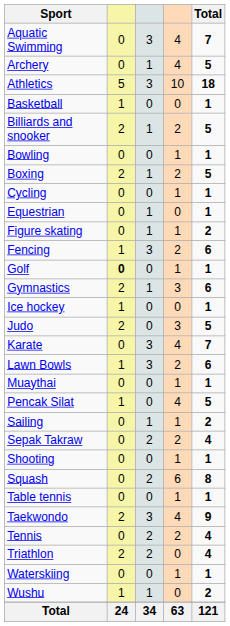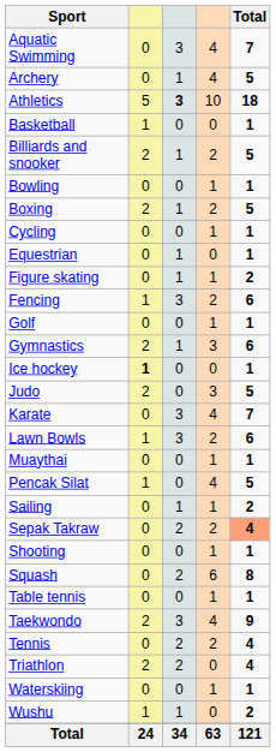 <table class="wikitable" style="font-size:100%; text-align:center;">
 <tr>
 <th width=130>Sport</th>
 <th scope="col" width=30 style="background:#F7F6A8;"></th>
 <th scope="col" width=30 style="background:#DCE5E5;"></th>
 <th scope="col" width=30 style="background:#FFDAB9;"></th>
 <th width=30>Total</th>
 </tr>
 <tr>
 <td align="left"><a href='#'>Aquatic Swimming</a></td>
 <td style="background:#F7F6A8;">0</td>
 <td style="background:#DCE5E5;">3</td>
 <td style="background:#FFDAB9;">4</td>
 <td><strong>7</strong></td>
 </tr>
 <tr>
 <td align="left"><a href='#'>Archery</a></td>
 <td style="background:#F7F6A8;">0</td>
 <td style="background:#DCE5E5;">1</td>
 <td style="background:#FFDAB9;">4</td>
 <td><strong>5</strong></td>
 </tr>
 <tr>
 <td align=left><a href='#'>Athletics</a></td>
 <td style="background:#F7F6A8;">5</td>
-<td style="background:#DCE5E5;">3</td>
+<td style="background:#DCE5E5;"><strong>3</strong></td>
 <td style="background:#FFDAB9;">10</td>
 <td><strong>18</strong></td>
 </tr>
 <tr>
 <td align=left><a href='#'>Basketball</a></td>
 <td style="background:#F7F6A8;">1</td>
 <td style="background:#DCE5E5;">0</td>
 <td style="background:#FFDAB9;">0</td>
 <td><strong>1</strong></td>
 </tr>
 <tr>
 <td align=left><a href='#'>Billiards and snooker</a></td>
 <td style="background:#F7F6A8;">2</td>
 <td style="background:#DCE5E5;">1</td>
 <td style="background:#FFDAB9;">2</td>
 <td><strong>5</strong></td>
 </tr>
 <tr>
 <td align=left><a href='#'>Bowling</a></td>
 <td style="background:#F7F6A8;">0</td>
 <td style="background:#DCE5E5;">0</td>
 <td style="background:#FFDAB9;">1</td>
 <td><strong>1</strong></td>
 </tr>
 <tr>
 <td align=left><a href='#'>Boxing</a></td>
 <td style="background:#F7F6A8;">2</td>
 <td style="background:#DCE5E5;">1</td>
 <td style="background:#FFDAB9;">2</td>
 <td><strong>5</strong></td>
 </tr>
 <tr>
 <td align=left><a href='#'>Cycling</a></td>
 <td style="background:#F7F6A8;">0</td>
 <td style="background:#DCE5E5;">0</td>
 <td style="background:#FFDAB9;">1</td>
 <td><strong>1</strong></td>
 </tr>
 <tr>
 <td align=left><a href='#'>Equestrian</a></td>
 <td style="background:#F7F6A8;">0</td>
 <td style="background:#DCE5E5;">1</td>
 <td style="background:#FFDAB9;">0</td>
 <td><strong>1</strong></td>
 </tr>
 <tr>
 <td align=left><a href='#'>Figure skating</a></td>
 <td style="background:#F7F6A8;">0</td>
 <td style="background:#DCE5E5;">1</td>
 <td style="background:#FFDAB9;">1</td>
 <td><strong>2</strong></td>
 </tr>
 <tr>
 <td align=left><a href='#'>Fencing</a></td>
 <td style="background:#F7F6A8;">1</td>
 <td style="background:#DCE5E5;">3</td>
 <td style="background:#FFDAB9;">2</td>
 <td><strong>6</strong></td>
 </tr>
 <tr>
 <td align=left><a href='#'>Golf</a></td>
-<td style="background:#F7F6A8;"><strong>0</strong></td>
+<td style="background:#F7F6A8;">0</td>
 <td style="background:#DCE5E5;">0</td>
 <td style="background:#FFDAB9;">1</td>
 <td><strong>1</strong></td>
 </tr>
 <tr>
 <td align=left><a href='#'>Gymnastics</a></td>
 <td style="background:#F7F6A8;">2</td>
 <td style="background:#DCE5E5;">1</td>
 <td style="background:#FFDAB9;">3</td>
 <td><strong>6</strong></td>
 </tr>
 <tr>
 <td align=left><a href='#'>Ice hockey</a></td>
-<td style="background:#F7F6A8;">1</td>
+<td style="background:#F7F6A8;"><strong>1</strong></td>
 <td style="background:#DCE5E5;">0</td>
 <td style="background:#FFDAB9;">0</td>
 <td><strong>1</strong></td>
 </tr>
 <tr>
 <td align=left><a href='#'>Judo</a></td>
 <td style="background:#F7F6A8;">2</td>
 <td style="background:#DCE5E5;">0</td>
 <td style="background:#FFDAB9;">3</td>
 <td><strong>5</strong></td>
 </tr>
 <tr>
 <td align=left><a href='#'>Karate</a></td>
 <td style="background:#F7F6A8;">0</td>
 <td style="background:#DCE5E5;">3</td>
 <td style="background:#FFDAB9;">4</td>
 <td><strong>7</strong></td>
 </tr>
 <tr>
 <td align=left><a href='#'>Lawn Bowls</a></td>
 <td style="background:#F7F6A8;">1</td>
 <td style="background:#DCE5E5;">3</td>
 <td style="background:#FFDAB9;">2</td>
 <td><strong>6</strong></td>
 </tr>
 <tr>
 <td align=left><a href='#'>Muaythai</a></td>
 <td style="background:#F7F6A8;">0</td>
 <td style="background:#DCE5E5;">0</td>
 <td style="background:#FFDAB9;">1</td>
 <td><strong>1</strong></td>
 </tr>
 <tr>
 <td align=left><a href='#'>Pencak Silat</a></td>
 <td style="background:#F7F6A8;">1</td>
 <td style="background:#DCE5E5;">0</td>
 <td style="background:#FFDAB9;">4</td>
 <td><strong>5</strong></td>
 </tr>
 <tr>
 <td align=left><a href='#'>Sailing</a></td>
 <td style="background:#F7F6A8;">0</td>
 <td style="background:#DCE5E5;">1</td>
 <td style="background:#FFDAB9;">1</td>
 <td><strong>2</strong></td>
 </tr>
 <tr>
 <td align=left><a href='#'>Sepak Takraw</a></td>
 <td style="background:#F7F6A8;">0</td>
 <td style="background:#DCE5E5;">2</td>
 <td style="background:#FFDAB9;">2</td>
-<td><strong>4</strong></td>
+<td style="background: lightsalmon;"><strong>4</strong></td>
 </tr>
 <tr>
 <td align=left><a href='#'>Shooting</a></td>
 <td style="background:#F7F6A8;">0</td>
 <td style="background:#DCE5E5;">0</td>
 <td style="background:#FFDAB9;">1</td>
 <td><strong>1</strong></td>
 </tr>
 <tr>
 <td align=left><a href='#'>Squash</a></td>
 <td style="background:#F7F6A8;">0</td>
 <td style="background:#DCE5E5;">2</td>
 <td style="background:#FFDAB9;">6</td>
 <td><strong>8</strong></td>
 </tr>
 <tr>
 <td align=left><a href='#'>Table tennis</a></td>
 <td style="background:#F7F6A8;">0</td>
 <td style="background:#DCE5E5;">0</td>
 <td style="background:#FFDAB9;">1</td>
 <td><strong>1</strong></td>
 </tr>
 <tr>
 <td align=left><a href='#'>Taekwondo</a></td>
 <td style="background:#F7F6A8;">2</td>
 <td style="background:#DCE5E5;">3</td>
 <td style="background:#FFDAB9;">4</td>
 <td><strong>9</strong></td>
 </tr>
 <tr>
 <td align=left><a href='#'>Tennis</a></td>
 <td style="background:#F7F6A8;">0</td>
 <td style="background:#DCE5E5;">2</td>
 <td style="background:#FFDAB9;">2</td>
 <td><strong>4</strong></td>
 </tr>
 <tr>
 <td align=left><a href='#'>Triathlon</a></td>
 <td style="background:#F7F6A8;">2</td>
 <td style="background:#DCE5E5;">2</td>
 <td style="background:#FFDAB9;">0</td>
 <td><strong>4</strong></td>
 </tr>
 <tr>
 <td align=left><a href='#'>Waterskiing</a></td>
 <td style="background:#F7F6A8;">0</td>
 <td style="background:#DCE5E5;">0</td>
 <td style="background:#FFDAB9;">1</td>
 <td><strong>1</strong></td>
 </tr>
 <tr>
 <td align=left><a href='#'>Wushu</a></td>
 <td style="background:#F7F6A8;">1</td>
 <td style="background:#DCE5E5;">1</td>
 <td style="background:#FFDAB9;">0</td>
 <td><strong>2</strong></td>
 </tr>
 <tr>
 </tr>
 <tr class="sortbottom">
 <th>Total</th>
 <th>24</th>
 <th>34</th>
 <th>63</th>
 <th>121</th>
 </tr>
 </table>
